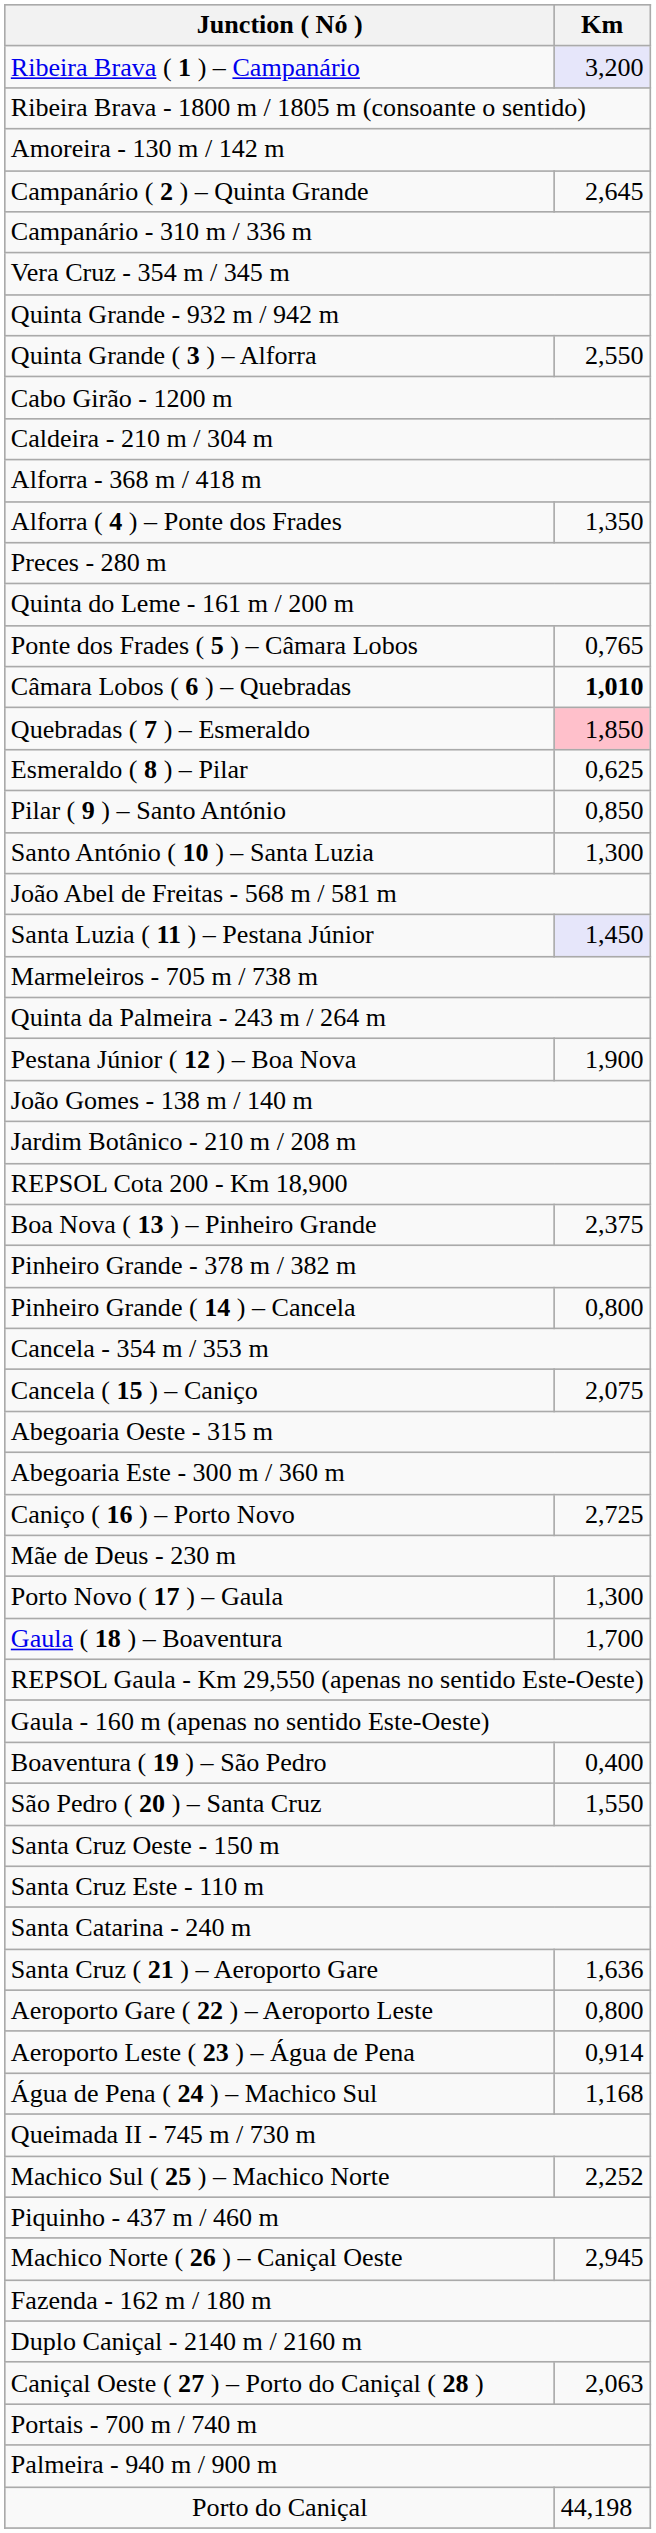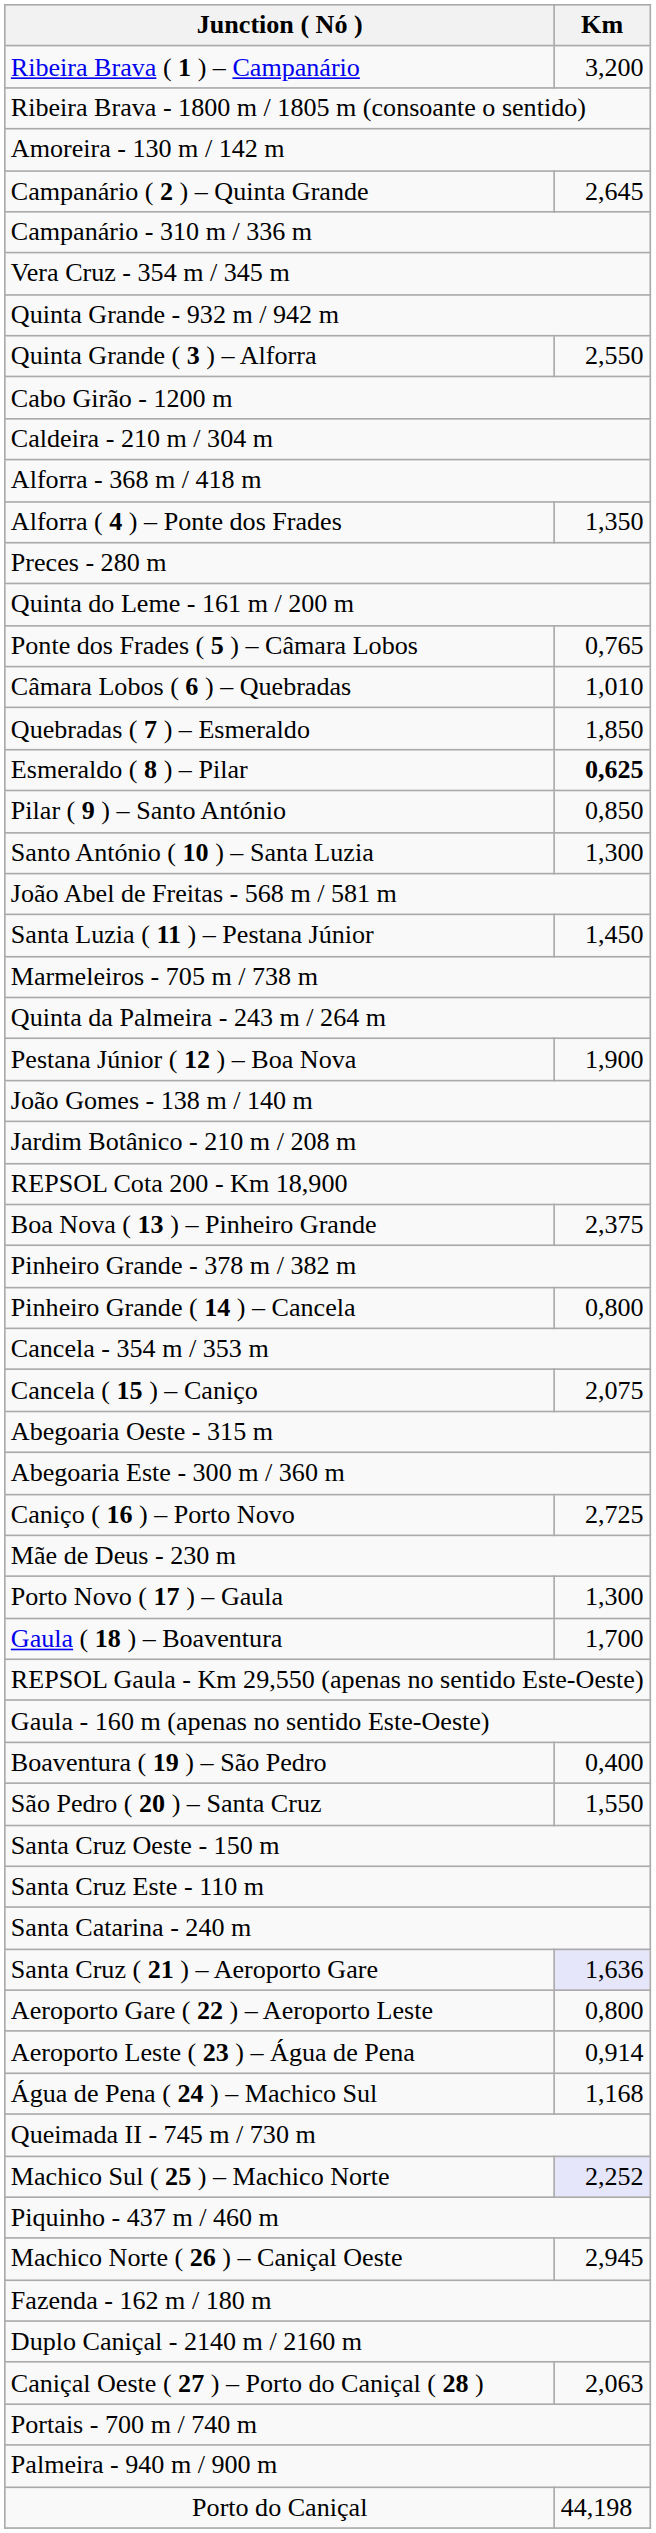 <table class="wikitable">
 <tr>
 <th>Junction ( Nó )</th>
 <th>Km</th>
 </tr>
 <tr>
 <td><a href='#'>Ribeira Brava</a> ( <strong>1</strong> ) – <a href='#'>Campanário</a></td>
-<td align="right" style="background: lavender;">3,200</td>
+<td align="right">3,200</td>
 </tr>
 <tr>
 <td colspan="2"> Ribeira Brava - 1800 m / 1805 m (consoante o sentido)</td>
 </tr>
 <tr>
 <td colspan="2"> Amoreira - 130 m / 142 m</td>
 </tr>
 <tr>
 <td>Campanário ( <strong>2</strong> ) – Quinta Grande</td>
 <td align="right">2,645</td>
 </tr>
 <tr>
 <td colspan="2"> Campanário - 310 m / 336 m</td>
 </tr>
 <tr>
 <td colspan="2"> Vera Cruz - 354 m / 345 m</td>
 </tr>
 <tr>
 <td colspan="2"> Quinta Grande - 932 m / 942 m</td>
 </tr>
 <tr>
 <td>Quinta Grande ( <strong>3</strong> ) – Alforra</td>
 <td align="right">2,550</td>
 </tr>
 <tr>
 <td colspan="2"> Cabo Girão - 1200 m</td>
 </tr>
 <tr>
 <td colspan="2"> Caldeira - 210 m / 304 m</td>
 </tr>
 <tr>
 <td colspan="2"> Alforra - 368 m / 418 m</td>
 </tr>
 <tr>
 <td>Alforra ( <strong>4</strong> ) – Ponte dos Frades</td>
 <td align="right">1,350</td>
 </tr>
 <tr>
 <td colspan="2"> Preces - 280 m</td>
 </tr>
 <tr>
 <td colspan="2"> Quinta do Leme - 161 m / 200 m</td>
 </tr>
 <tr>
 <td>Ponte dos Frades ( <strong>5</strong> ) – Câmara Lobos</td>
 <td align="right">0,765</td>
 </tr>
 <tr>
 <td>Câmara Lobos ( <strong>6</strong> ) – Quebradas</td>
-<td align="right"><strong>1,010</strong></td>
+<td align="right">1,010</td>
 </tr>
 <tr>
 <td>Quebradas ( <strong>7</strong> ) – Esmeraldo</td>
-<td align="right" style="background: pink;">1,850</td>
+<td align="right">1,850</td>
 </tr>
 <tr>
 <td>Esmeraldo ( <strong>8</strong> ) – Pilar</td>
-<td align="right">0,625</td>
+<td align="right"><strong>0,625</strong></td>
 </tr>
 <tr>
 <td>Pilar ( <strong>9</strong> ) – Santo António</td>
 <td align="right">0,850</td>
 </tr>
 <tr>
 <td>Santo António ( <strong>10</strong> ) – Santa Luzia</td>
 <td align="right">1,300</td>
 </tr>
 <tr>
 <td colspan="2"> João Abel de Freitas - 568 m / 581 m</td>
 </tr>
 <tr>
 <td>Santa Luzia ( <strong>11</strong> ) – Pestana Júnior</td>
-<td align="right" style="background: lavender;">1,450</td>
+<td align="right">1,450</td>
 </tr>
 <tr>
 <td colspan="2"> Marmeleiros - 705 m / 738 m</td>
 </tr>
 <tr>
 <td colspan="2"> Quinta da Palmeira - 243 m / 264 m</td>
 </tr>
 <tr>
 <td>Pestana Júnior ( <strong>12</strong> ) – Boa Nova</td>
 <td align="right">1,900</td>
 </tr>
 <tr>
 <td colspan="2"> João Gomes - 138 m / 140 m</td>
 </tr>
 <tr>
 <td colspan="2"> Jardim Botânico - 210 m / 208 m</td>
 </tr>
 <tr>
 <td colspan="2"> REPSOL Cota 200 - Km 18,900 </td>
 </tr>
 <tr>
 <td>Boa Nova ( <strong>13</strong> ) – Pinheiro Grande</td>
 <td align="right">2,375</td>
 </tr>
 <tr>
 <td colspan="2"> Pinheiro Grande - 378 m / 382 m</td>
 </tr>
 <tr>
 <td>Pinheiro Grande ( <strong>14</strong> ) – Cancela</td>
 <td align="right">0,800</td>
 </tr>
 <tr>
 <td colspan="2"> Cancela - 354 m / 353 m</td>
 </tr>
 <tr>
 <td>Cancela ( <strong>15</strong> ) – Caniço</td>
 <td align="right">2,075</td>
 </tr>
 <tr>
 <td colspan="2"> Abegoaria Oeste - 315 m</td>
 </tr>
 <tr>
 <td colspan="2"> Abegoaria Este - 300 m / 360 m</td>
 </tr>
 <tr>
 <td>Caniço ( <strong>16</strong> ) – Porto Novo</td>
 <td align="right">2,725</td>
 </tr>
 <tr>
 <td colspan="2"> Mãe de Deus - 230 m</td>
 </tr>
 <tr>
 <td>Porto Novo ( <strong>17</strong> ) – Gaula</td>
 <td align="right">1,300</td>
 </tr>
 <tr>
 <td><a href='#'>Gaula</a> ( <strong>18</strong> ) – Boaventura</td>
 <td align="right">1,700</td>
 </tr>
 <tr>
 <td colspan="2"> REPSOL Gaula - Km 29,550 (apenas no sentido Este-Oeste)</td>
 </tr>
 <tr>
 <td colspan="2"> Gaula - 160 m (apenas no sentido Este-Oeste)</td>
 </tr>
 <tr>
 <td>Boaventura ( <strong>19</strong> ) – São Pedro</td>
 <td align="right">0,400</td>
 </tr>
 <tr>
 <td>São Pedro ( <strong>20</strong> ) – Santa Cruz</td>
 <td align="right">1,550</td>
 </tr>
 <tr>
 <td colspan="2"> Santa Cruz Oeste - 150 m</td>
 </tr>
 <tr>
 <td colspan="2"> Santa Cruz Este - 110 m</td>
 </tr>
 <tr>
 <td colspan="2"> Santa Catarina - 240 m</td>
 </tr>
 <tr>
 <td>Santa Cruz ( <strong>21</strong> ) – Aeroporto Gare</td>
-<td align="right">1,636</td>
+<td align="right" style="background: lavender;">1,636</td>
 </tr>
 <tr>
 <td>Aeroporto Gare ( <strong>22</strong> ) – Aeroporto Leste</td>
 <td align="right">0,800</td>
 </tr>
 <tr>
 <td>Aeroporto Leste ( <strong>23</strong> ) – Água de Pena</td>
 <td align="right">0,914</td>
 </tr>
 <tr>
 <td>Água de Pena ( <strong>24</strong> ) – Machico Sul</td>
 <td align="right">1,168</td>
 </tr>
 <tr>
 <td colspan="2"> Queimada II - 745 m / 730 m</td>
 </tr>
 <tr>
 <td>Machico Sul ( <strong>25</strong> ) – Machico Norte</td>
-<td align="right">2,252</td>
+<td align="right" style="background: lavender;">2,252</td>
 </tr>
 <tr>
 <td colspan="2"> Piquinho - 437 m / 460 m</td>
 </tr>
 <tr>
 <td>Machico Norte ( <strong>26</strong> ) – Caniçal Oeste</td>
 <td align="right">2,945</td>
 </tr>
 <tr>
 <td colspan="2"> Fazenda - 162 m / 180 m</td>
 </tr>
 <tr>
 <td colspan="2"> Duplo Caniçal - 2140 m / 2160 m</td>
 </tr>
 <tr>
 <td>Caniçal Oeste ( <strong>27</strong> ) – Porto do Caniçal ( <strong>28</strong> )</td>
 <td align="right">2,063</td>
 </tr>
 <tr>
 <td colspan="2"> Portais - 700 m / 740 m</td>
 </tr>
 <tr>
 <td colspan="2"> Palmeira - 940 m / 900 m</td>
 </tr>
 <tr>
 <td align="center"> Porto do Caniçal</td>
 <td><div>44,198</div></td>
 </tr>
 </table>
